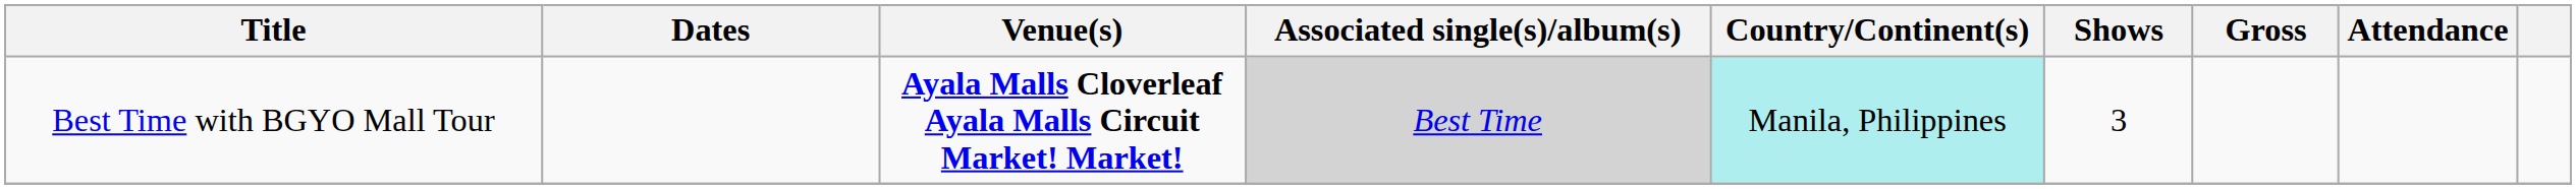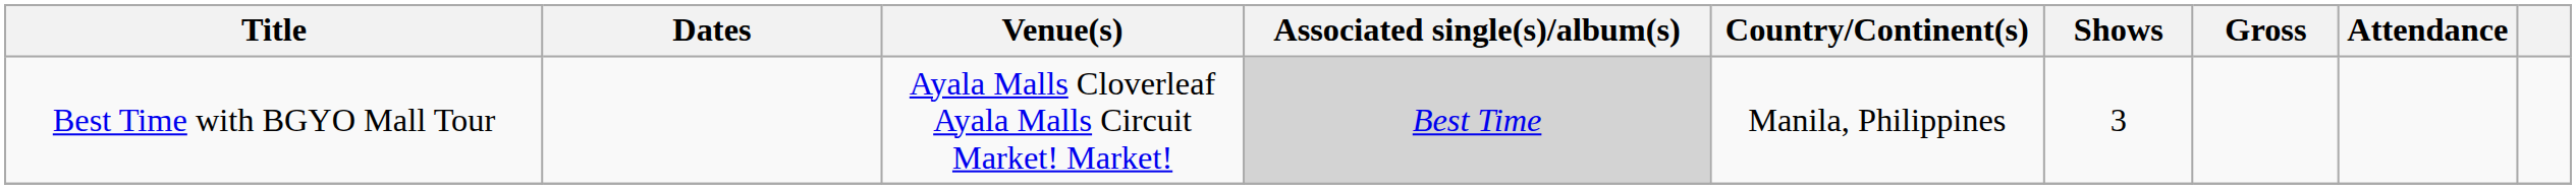 <table class="wikitable sortable plainrowheaders" style="text-align:center;">
 <tr>
 <th scope="col" style="width:25em;">Title</th>
 <th scope="col" style="width:15em;">Dates</th>
 <th scope="col" style="width:15em;">Venue(s)</th>
 <th scope="col" style="width:18em;">Associated single(s)/album(s)</th>
 <th scope="col" style="width:10em;">Country/Continent(s)</th>
 <th scope="col" style="width:5em;">Shows</th>
 <th scope="col" style="width:5em;">Gross</th>
 <th scope="col" style="width:5em;">Attendance</th>
 <th scope="col" class="unsortable" style="width:2em;"></th>
 </tr>
 <tr>
 <td scope="row" style="text-align:center"><a href='#'>Best Time</a> with BGYO Mall Tour</td>
 <td><br><br></td>
-<td><strong><a href='#'>Ayala Malls</a> Cloverleaf<br><a href='#'>Ayala Malls</a> Circuit<br><a href='#'>Market! Market!</a></strong></td>
+<td><a href='#'>Ayala Malls</a> Cloverleaf<br><a href='#'>Ayala Malls</a> Circuit<br><a href='#'>Market! Market!</a></td>
 <td style="background: lightgrey;"><em><a href='#'>Best Time</a></em></td>
-<td style="background: paleturquoise;">Manila, Philippines</td>
+<td>Manila, Philippines</td>
 <td>3</td>
 <td></td>
 <td></td>
 <td></td>
 </tr>
 <tr>
 </tr>
 </table>
